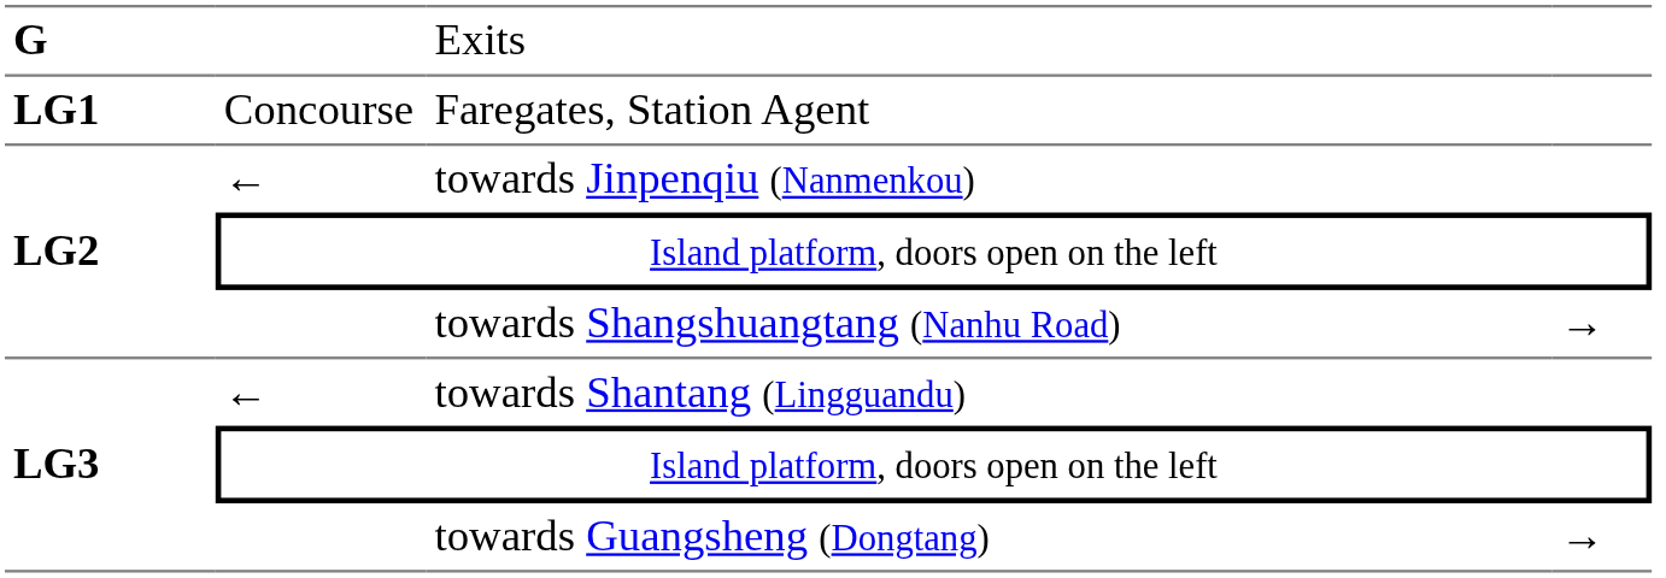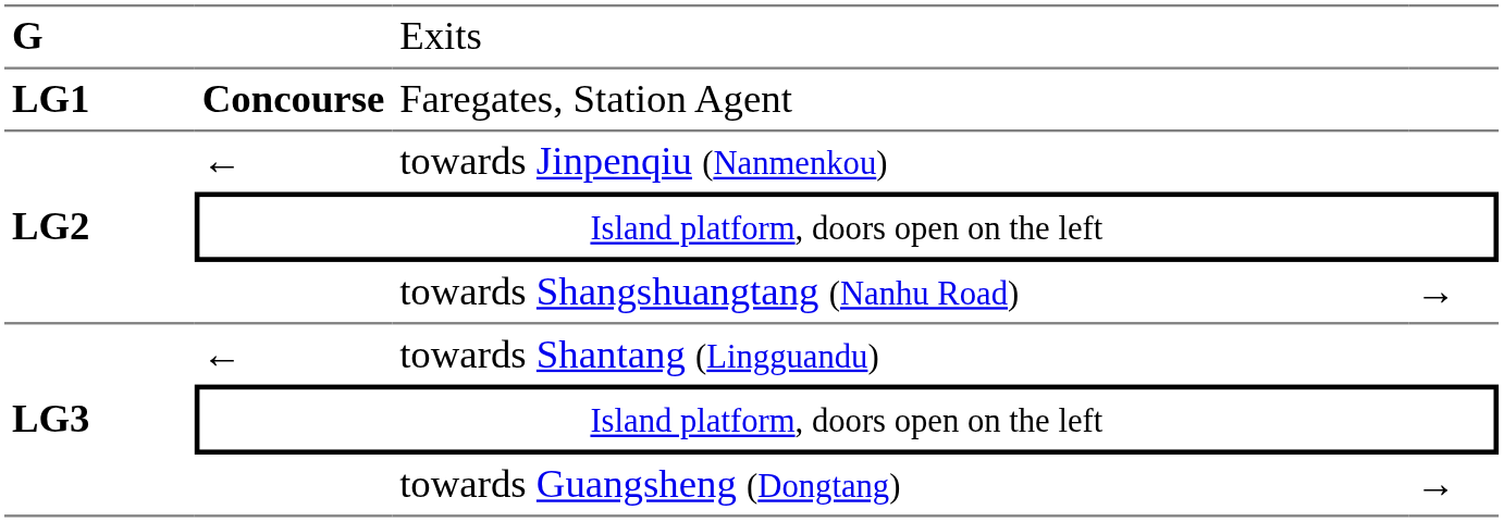 <table table border=0 cellspacing=0 cellpadding=3>
 <tr>
 <td style="border-bottom:solid 1px gray; border-top:solid 1px gray;" valign=top><strong>G</strong></td>
 <td style="border-bottom:solid 1px gray; border-top:solid 1px gray;" valign=top></td>
 <td style="border-bottom:solid 1px gray; border-top:solid 1px gray;" valign=top>Exits</td>
 <td style="border-bottom:solid 1px gray; border-top:solid 1px gray;" valign=top></td>
 </tr>
 <tr>
 <td style="border-bottom:solid 1px gray;" width=70><strong>LG1</strong></td>
-<td style="border-bottom:solid 1px gray;" width=70>Concourse</td>
+<td style="border-bottom:solid 1px gray;" width=70><strong>Concourse</strong></td>
 <td style="border-bottom:solid 1px gray;" width=400>Faregates, Station Agent</td>
 <td style="border-bottom:solid 1px gray;" width=30></td>
 </tr>
 <tr>
 <td style="border-bottom:solid 1px gray;" rowspan=3><strong>LG2</strong></td>
 <td>←</td>
 <td> towards <a href='#'>Jinpenqiu</a> <small>(<a href='#'>Nanmenkou</a>)</small></td>
 <td></td>
 </tr>
 <tr>
 <td style="border-right:solid 2px black;border-left:solid 2px black;border-top:solid 2px black;border-bottom:solid 2px black;text-align:center;" colspan=3><small><a href='#'>Island platform</a>, doors open on the left</small></td>
 </tr>
 <tr>
 <td style="border-bottom:solid 1px gray;"></td>
 <td style="border-bottom:solid 1px gray;"> towards <a href='#'>Shangshuangtang</a> <small>(<a href='#'>Nanhu Road</a>)</small></td>
 <td style="border-bottom:solid 1px gray;">→</td>
 </tr>
 <tr>
 <td style="border-bottom:solid 1px gray;" rowspan=3><strong>LG3</strong></td>
 <td>←</td>
 <td> towards <a href='#'>Shantang</a> <small>(<a href='#'>Lingguandu</a>)</small></td>
 <td></td>
 </tr>
 <tr>
 <td style="border-right:solid 2px black;border-left:solid 2px black;border-top:solid 2px black;border-bottom:solid 2px black;text-align:center;" colspan=3><small><a href='#'>Island platform</a>, doors open on the left</small></td>
 </tr>
 <tr>
 <td style="border-bottom:solid 1px gray;"></td>
 <td style="border-bottom:solid 1px gray;"> towards <a href='#'>Guangsheng</a> <small>(<a href='#'>Dongtang</a>)</small></td>
 <td style="border-bottom:solid 1px gray;">→</td>
 </tr>
 <tr>
 </tr>
 </table>
